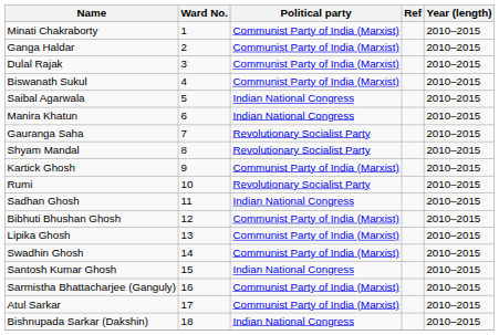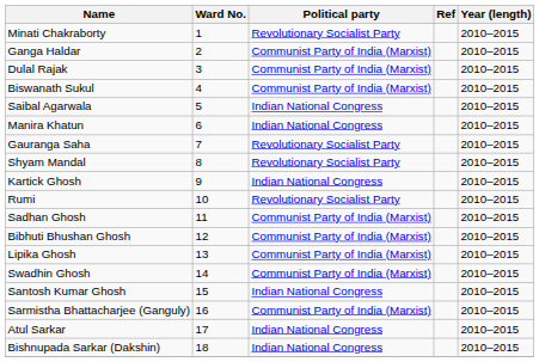 <table class="wikitable">
 <tr>
 <th>Name</th>
 <th>Ward No.</th>
 <th>Political party</th>
 <th scope=col class=unsortable>Ref</th>
 <th>Year (length)</th>
 </tr>
 <tr>
 <td>Minati Chakraborty</td>
 <td>1</td>
-<td><a href='#'>Communist Party of India (Marxist)</a></td>
+<td><a href='#'>Revolutionary Socialist Party</a></td>
 <td width="4px"></td>
 <td>2010–2015</td>
 </tr>
 <tr>
 <td>Ganga Haldar</td>
 <td>2</td>
 <td><a href='#'>Communist Party of India (Marxist)</a></td>
 <td width="4px"></td>
 <td>2010–2015</td>
 </tr>
 <tr>
 <td>Dulal Rajak</td>
 <td>3</td>
 <td><a href='#'>Communist Party of India (Marxist)</a></td>
 <td width="4px"></td>
 <td>2010–2015</td>
 </tr>
 <tr>
 <td>Biswanath Sukul</td>
 <td>4</td>
 <td><a href='#'>Communist Party of India (Marxist)</a></td>
 <td width="4px"></td>
 <td>2010–2015</td>
 </tr>
 <tr>
 <td>Saibal Agarwala</td>
 <td>5</td>
 <td><a href='#'>Indian National Congress</a></td>
 <td width="4px"></td>
 <td>2010–2015</td>
 </tr>
 <tr>
 <td>Manira Khatun</td>
 <td>6</td>
 <td><a href='#'>Indian National Congress</a></td>
 <td width="4px"></td>
 <td>2010–2015</td>
 </tr>
 <tr>
 <td>Gauranga Saha</td>
 <td>7</td>
 <td><a href='#'>Revolutionary Socialist Party</a></td>
 <td width="4px"></td>
 <td>2010–2015</td>
 </tr>
 <tr>
 <td>Shyam Mandal</td>
 <td>8</td>
 <td><a href='#'>Revolutionary Socialist Party</a></td>
 <td width="4px"></td>
 <td>2010–2015</td>
 </tr>
 <tr>
 <td>Kartick Ghosh</td>
 <td>9</td>
-<td><a href='#'>Communist Party of India (Marxist)</a></td>
+<td><a href='#'>Indian National Congress</a></td>
 <td width="4px"></td>
 <td>2010–2015</td>
 </tr>
 <tr>
 <td>Rumi</td>
 <td>10</td>
 <td><a href='#'>Revolutionary Socialist Party</a></td>
 <td width="4px"></td>
 <td>2010–2015</td>
 </tr>
 <tr>
 <td>Sadhan Ghosh</td>
 <td>11</td>
-<td><a href='#'>Indian National Congress</a></td>
+<td><a href='#'>Communist Party of India (Marxist)</a></td>
 <td width="4px"></td>
 <td>2010–2015</td>
 </tr>
 <tr>
 <td>Bibhuti Bhushan Ghosh</td>
 <td>12</td>
 <td><a href='#'>Communist Party of India (Marxist)</a></td>
 <td width="4px"></td>
 <td>2010–2015</td>
 </tr>
 <tr>
 <td>Lipika Ghosh</td>
 <td>13</td>
 <td><a href='#'>Communist Party of India (Marxist)</a></td>
 <td width="4px"></td>
 <td>2010–2015</td>
 </tr>
 <tr>
 <td>Swadhin Ghosh</td>
 <td>14</td>
 <td><a href='#'>Communist Party of India (Marxist)</a></td>
 <td width="4px"></td>
 <td>2010–2015</td>
 </tr>
 <tr>
 <td>Santosh Kumar Ghosh</td>
 <td>15</td>
 <td><a href='#'>Indian National Congress</a></td>
 <td width="4px"></td>
 <td>2010–2015</td>
 </tr>
 <tr>
 <td>Sarmistha Bhattacharjee (Ganguly)</td>
 <td>16</td>
 <td><a href='#'>Communist Party of India (Marxist)</a></td>
 <td width="4px"></td>
 <td>2010–2015</td>
 </tr>
 <tr>
 <td>Atul Sarkar</td>
 <td>17</td>
-<td><a href='#'>Communist Party of India (Marxist)</a></td>
+<td><a href='#'>Indian National Congress</a></td>
 <td width="4px"></td>
 <td>2010–2015</td>
 </tr>
 <tr>
 <td>Bishnupada Sarkar (Dakshin)</td>
 <td>18</td>
 <td><a href='#'>Indian National Congress</a></td>
 <td width="4px"></td>
 <td>2010–2015</td>
 </tr>
 <tr>
 </tr>
 </table>
